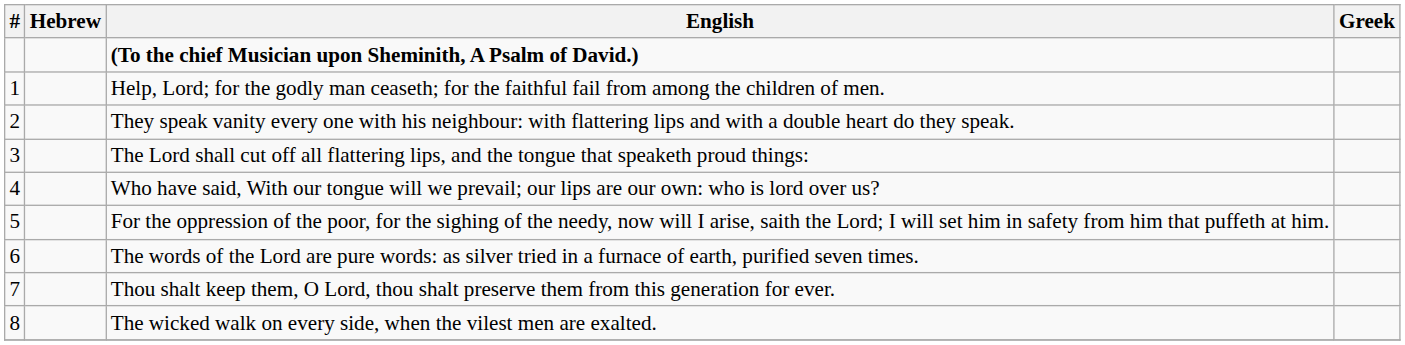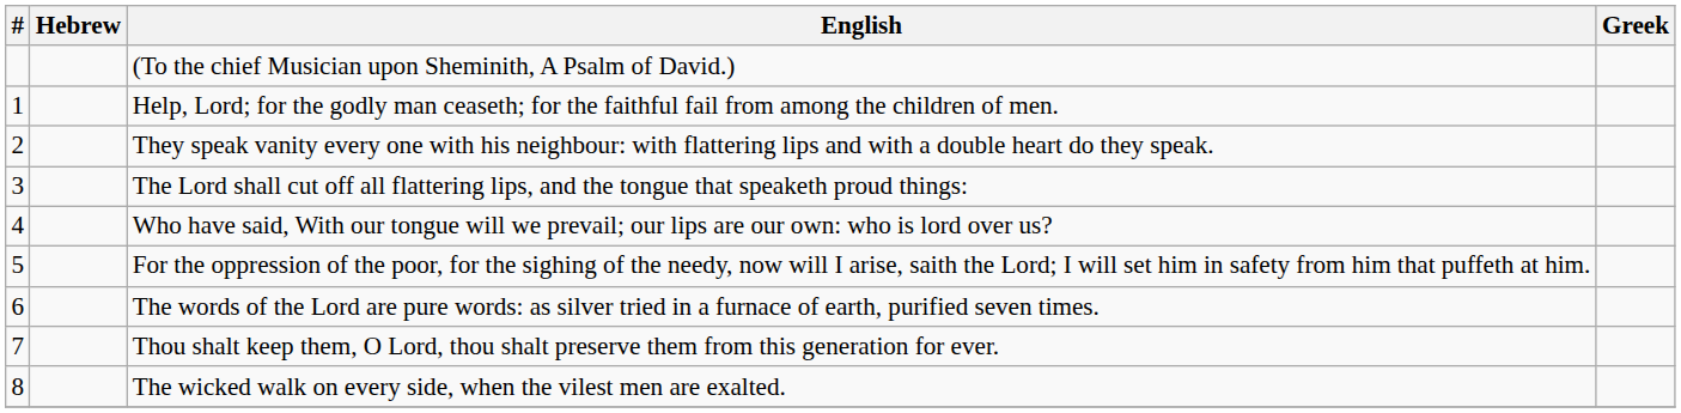 <table class=wikitable>
 <tr>
 <th>#</th>
 <th>Hebrew</th>
 <th>English</th>
 <th>Greek</th>
 </tr>
 <tr>
 <td style="text-align:right"></td>
 <td style="text-align:right"></td>
-<td><strong>(To the chief Musician upon Sheminith, A Psalm of David.)</strong></td>
+<td>(To the chief Musician upon Sheminith, A Psalm of David.)</td>
 <td></td>
 </tr>
 <tr>
 <td style="text-align:right">1</td>
 <td style="text-align:right"></td>
 <td>Help, Lord; for the godly man ceaseth; for the faithful fail from among the children of men.</td>
 <td></td>
 </tr>
 <tr>
 <td style="text-align:right">2</td>
 <td style="text-align:right"></td>
 <td>They speak vanity every one with his neighbour: with flattering lips and with a double heart do they speak.</td>
 <td></td>
 </tr>
 <tr>
 <td style="text-align:right">3</td>
 <td style="text-align:right"></td>
 <td>The Lord shall cut off all flattering lips, and the tongue that speaketh proud things:</td>
 <td></td>
 </tr>
 <tr>
 <td style="text-align:right">4</td>
 <td style="text-align:right"></td>
 <td>Who have said, With our tongue will we prevail; our lips are our own: who is lord over us?</td>
 <td></td>
 </tr>
 <tr>
 <td style="text-align:right">5</td>
 <td style="text-align:right"></td>
 <td>For the oppression of the poor, for the sighing of the needy, now will I arise, saith the Lord; I will set him in safety from him that puffeth at him.</td>
 <td></td>
 </tr>
 <tr>
 <td style="text-align:right">6</td>
 <td style="text-align:right"></td>
 <td>The words of the Lord are pure words: as silver tried in a furnace of earth, purified seven times.</td>
 <td></td>
 </tr>
 <tr>
 <td style="text-align:right">7</td>
 <td style="text-align:right"></td>
 <td>Thou shalt keep them, O Lord, thou shalt preserve them from this generation for ever.</td>
 <td></td>
 </tr>
 <tr>
 <td style="text-align:right">8</td>
 <td style="text-align:right"></td>
 <td>The wicked walk on every side, when the vilest men are exalted.</td>
 <td></td>
 </tr>
 <tr>
 </tr>
 </table>
